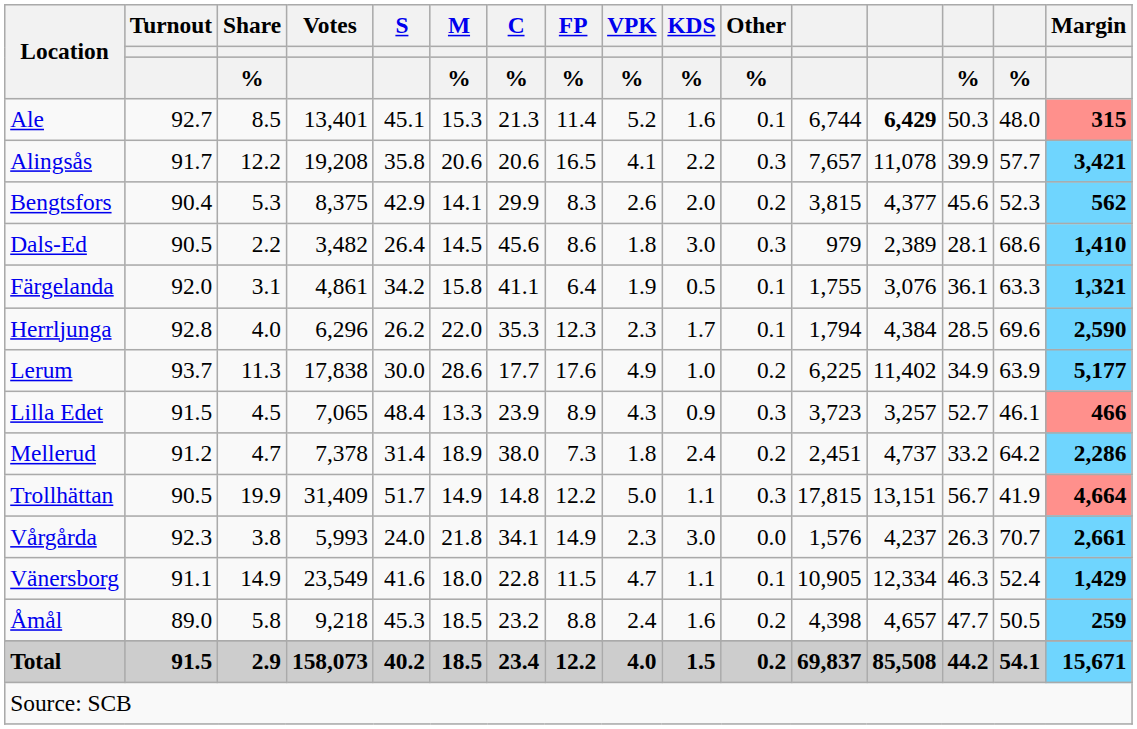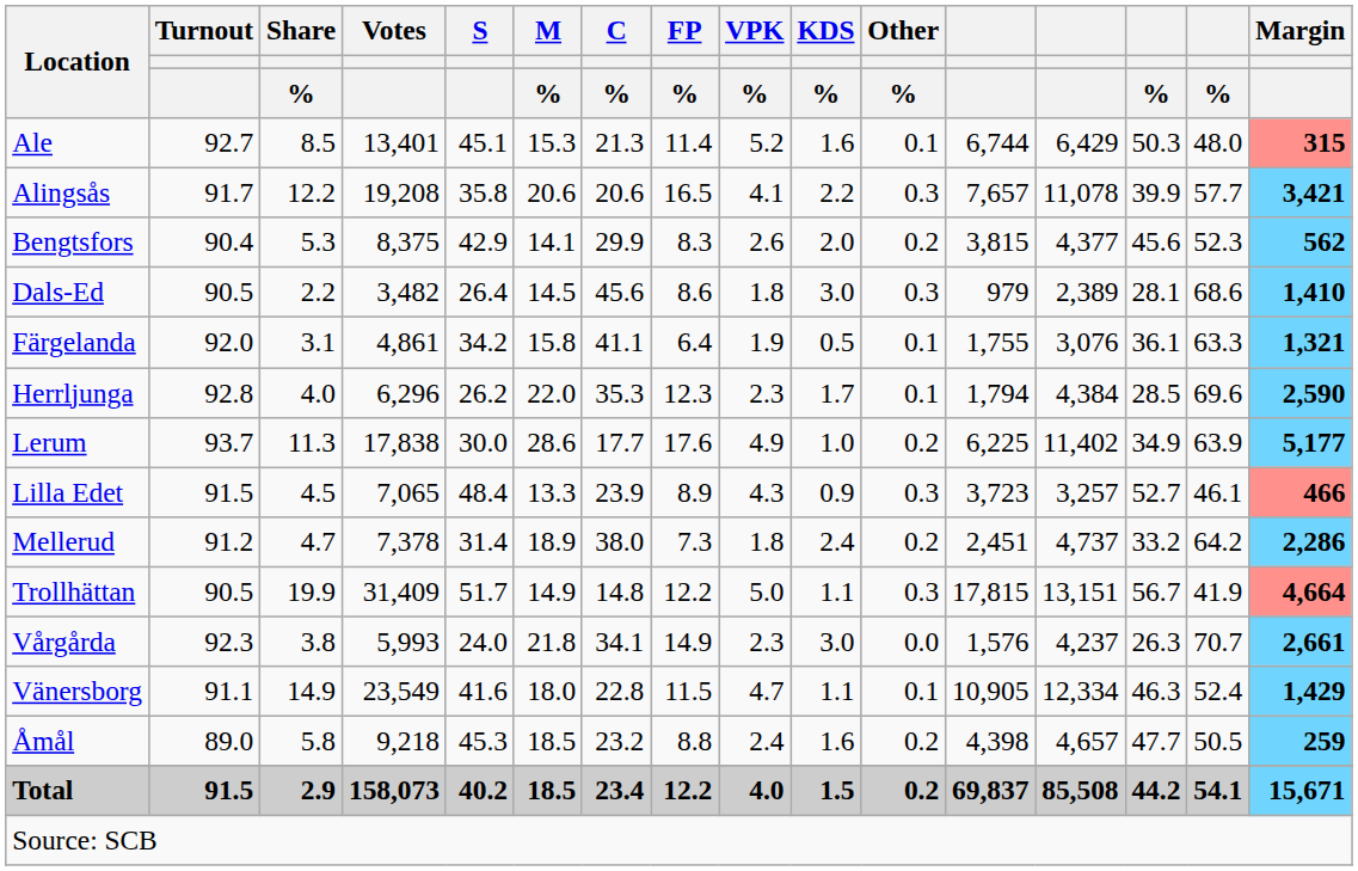 <table class="wikitable sortable" style="text-align:right; font-size:95%; line-height:20px;">
 <tr>
 <th rowspan="3">Location</th>
 <th>Turnout</th>
 <th>Share</th>
 <th>Votes</th>
 <th width="30px" class="unsortable"><a href='#'>S</a></th>
 <th width="30px" class="unsortable"><a href='#'>M</a></th>
 <th width="30px" class="unsortable"><a href='#'>C</a></th>
 <th width="30px" class="unsortable"><a href='#'>FP</a></th>
 <th width="30px" class="unsortable"><a href='#'>VPK</a></th>
 <th width="30px" class="unsortable"><a href='#'>KDS</a></th>
 <th width="30px" class="unsortable">Other</th>
 <th></th>
 <th></th>
 <th></th>
 <th></th>
 <th>Margin</th>
 </tr>
 <tr>
 <th></th>
 <th></th>
 <th></th>
 <th style="background:"></th>
 <th style="background:"></th>
 <th style="background:"></th>
 <th style="background:"></th>
 <th style="background:"></th>
 <th style="background:"></th>
 <th style="background:"></th>
 <th style="background:"></th>
 <th style="background:"></th>
 <th style="background:"></th>
 <th style="background:"></th>
 <th></th>
 </tr>
 <tr>
 <th></th>
 <th data-sort-type="number">%</th>
 <th data-sort-type="number"></th>
 <th></th>
 <th data-sort-type="number">%</th>
 <th data-sort-type="number">%</th>
 <th data-sort-type="number">%</th>
 <th data-sort-type="number">%</th>
 <th data-sort-type="number">%</th>
 <th data-sort-type="number">%</th>
 <th data-sort-type="number"></th>
 <th data-sort-type="number"></th>
 <th data-sort-type="number">%</th>
 <th data-sort-type="number">%</th>
 <th data-sort-type="number"></th>
 </tr>
 <tr>
 <td align=left><a href='#'>Ale</a></td>
 <td>92.7</td>
 <td>8.5</td>
 <td>13,401</td>
 <td>45.1</td>
 <td>15.3</td>
 <td>21.3</td>
 <td>11.4</td>
 <td>5.2</td>
 <td>1.6</td>
 <td>0.1</td>
 <td>6,744</td>
-<td><strong>6,429</strong></td>
+<td>6,429</td>
 <td>50.3</td>
 <td>48.0</td>
 <td bgcolor=#ff908c><strong>315</strong></td>
 </tr>
 <tr>
 <td align=left><a href='#'>Alingsås</a></td>
 <td>91.7</td>
 <td>12.2</td>
 <td>19,208</td>
 <td>35.8</td>
 <td>20.6</td>
 <td>20.6</td>
 <td>16.5</td>
 <td>4.1</td>
 <td>2.2</td>
 <td>0.3</td>
 <td>7,657</td>
 <td>11,078</td>
 <td>39.9</td>
 <td>57.7</td>
 <td bgcolor=#6fd5fe><strong>3,421</strong></td>
 </tr>
 <tr>
 <td align=left><a href='#'>Bengtsfors</a></td>
 <td>90.4</td>
 <td>5.3</td>
 <td>8,375</td>
 <td>42.9</td>
 <td>14.1</td>
 <td>29.9</td>
 <td>8.3</td>
 <td>2.6</td>
 <td>2.0</td>
 <td>0.2</td>
 <td>3,815</td>
 <td>4,377</td>
 <td>45.6</td>
 <td>52.3</td>
 <td bgcolor=#6fd5fe><strong>562</strong></td>
 </tr>
 <tr>
 <td align=left><a href='#'>Dals-Ed</a></td>
 <td>90.5</td>
 <td>2.2</td>
 <td>3,482</td>
 <td>26.4</td>
 <td>14.5</td>
 <td>45.6</td>
 <td>8.6</td>
 <td>1.8</td>
 <td>3.0</td>
 <td>0.3</td>
 <td>979</td>
 <td>2,389</td>
 <td>28.1</td>
 <td>68.6</td>
 <td bgcolor=#6fd5fe><strong>1,410</strong></td>
 </tr>
 <tr>
 <td align=left><a href='#'>Färgelanda</a></td>
 <td>92.0</td>
 <td>3.1</td>
 <td>4,861</td>
 <td>34.2</td>
 <td>15.8</td>
 <td>41.1</td>
 <td>6.4</td>
 <td>1.9</td>
 <td>0.5</td>
 <td>0.1</td>
 <td>1,755</td>
 <td>3,076</td>
 <td>36.1</td>
 <td>63.3</td>
 <td bgcolor=#6fd5fe><strong>1,321</strong></td>
 </tr>
 <tr>
 <td align=left><a href='#'>Herrljunga</a></td>
 <td>92.8</td>
 <td>4.0</td>
 <td>6,296</td>
 <td>26.2</td>
 <td>22.0</td>
 <td>35.3</td>
 <td>12.3</td>
 <td>2.3</td>
 <td>1.7</td>
 <td>0.1</td>
 <td>1,794</td>
 <td>4,384</td>
 <td>28.5</td>
 <td>69.6</td>
 <td bgcolor=#6fd5fe><strong>2,590</strong></td>
 </tr>
 <tr>
 <td align=left><a href='#'>Lerum</a></td>
 <td>93.7</td>
 <td>11.3</td>
 <td>17,838</td>
 <td>30.0</td>
 <td>28.6</td>
 <td>17.7</td>
 <td>17.6</td>
 <td>4.9</td>
 <td>1.0</td>
 <td>0.2</td>
 <td>6,225</td>
 <td>11,402</td>
 <td>34.9</td>
 <td>63.9</td>
 <td bgcolor=#6fd5fe><strong>5,177</strong></td>
 </tr>
 <tr>
 <td align=left><a href='#'>Lilla Edet</a></td>
 <td>91.5</td>
 <td>4.5</td>
 <td>7,065</td>
 <td>48.4</td>
 <td>13.3</td>
 <td>23.9</td>
 <td>8.9</td>
 <td>4.3</td>
 <td>0.9</td>
 <td>0.3</td>
 <td>3,723</td>
 <td>3,257</td>
 <td>52.7</td>
 <td>46.1</td>
 <td bgcolor=#ff908c><strong>466</strong></td>
 </tr>
 <tr>
 <td align=left><a href='#'>Mellerud</a></td>
 <td>91.2</td>
 <td>4.7</td>
 <td>7,378</td>
 <td>31.4</td>
 <td>18.9</td>
 <td>38.0</td>
 <td>7.3</td>
 <td>1.8</td>
 <td>2.4</td>
 <td>0.2</td>
 <td>2,451</td>
 <td>4,737</td>
 <td>33.2</td>
 <td>64.2</td>
 <td bgcolor=#6fd5fe><strong>2,286</strong></td>
 </tr>
 <tr>
 <td align=left><a href='#'>Trollhättan</a></td>
 <td>90.5</td>
 <td>19.9</td>
 <td>31,409</td>
 <td>51.7</td>
 <td>14.9</td>
 <td>14.8</td>
 <td>12.2</td>
 <td>5.0</td>
 <td>1.1</td>
 <td>0.3</td>
 <td>17,815</td>
 <td>13,151</td>
 <td>56.7</td>
 <td>41.9</td>
 <td bgcolor=#ff908c><strong>4,664</strong></td>
 </tr>
 <tr>
 <td align=left><a href='#'>Vårgårda</a></td>
 <td>92.3</td>
 <td>3.8</td>
 <td>5,993</td>
 <td>24.0</td>
 <td>21.8</td>
 <td>34.1</td>
 <td>14.9</td>
 <td>2.3</td>
 <td>3.0</td>
 <td>0.0</td>
 <td>1,576</td>
 <td>4,237</td>
 <td>26.3</td>
 <td>70.7</td>
 <td bgcolor=#6fd5fe><strong>2,661</strong></td>
 </tr>
 <tr>
 <td align=left><a href='#'>Vänersborg</a></td>
 <td>91.1</td>
 <td>14.9</td>
 <td>23,549</td>
 <td>41.6</td>
 <td>18.0</td>
 <td>22.8</td>
 <td>11.5</td>
 <td>4.7</td>
 <td>1.1</td>
 <td>0.1</td>
 <td>10,905</td>
 <td>12,334</td>
 <td>46.3</td>
 <td>52.4</td>
 <td bgcolor=#6fd5fe><strong>1,429</strong></td>
 </tr>
 <tr>
 <td align=left><a href='#'>Åmål</a></td>
 <td>89.0</td>
 <td>5.8</td>
 <td>9,218</td>
 <td>45.3</td>
 <td>18.5</td>
 <td>23.2</td>
 <td>8.8</td>
 <td>2.4</td>
 <td>1.6</td>
 <td>0.2</td>
 <td>4,398</td>
 <td>4,657</td>
 <td>47.7</td>
 <td>50.5</td>
 <td bgcolor=#6fd5fe><strong>259</strong></td>
 </tr>
 <tr>
 </tr>
 <tr style="background:#CDCDCD;">
 <td align=left><strong>Total</strong></td>
 <td><strong>91.5</strong></td>
 <td><strong>2.9</strong></td>
 <td><strong>158,073</strong></td>
 <td><strong>40.2</strong></td>
 <td><strong>18.5</strong></td>
 <td><strong>23.4</strong></td>
 <td><strong>12.2</strong></td>
 <td><strong>4.0</strong></td>
 <td><strong>1.5</strong></td>
 <td><strong>0.2</strong></td>
 <td><strong>69,837</strong></td>
 <td><strong>85,508</strong></td>
 <td><strong>44.2</strong></td>
 <td><strong>54.1</strong></td>
 <td bgcolor=#6fd5fe><strong>15,671</strong></td>
 </tr>
 <tr>
 <td align=left colspan=16>Source: SCB </td>
 </tr>
 </table>
